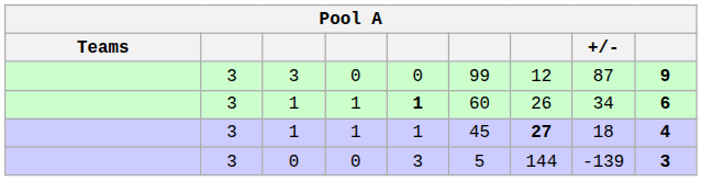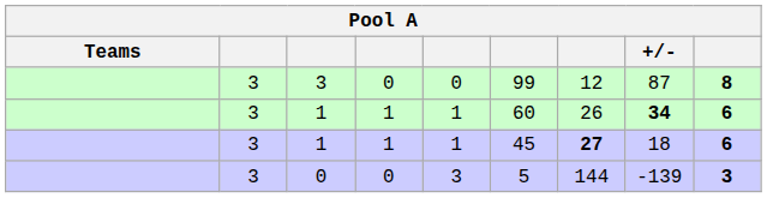 <table class="wikitable" style="text-align: center;">
 <tr>
 <th colspan=10>Pool A</th>
 </tr>
 <tr>
 <th width="140">Teams</th>
 <th width="40"></th>
 <th width="40"></th>
 <th width="40"></th>
 <th width="40"></th>
 <th width="40"></th>
 <th width="40"></th>
 <th width="40">+/-</th>
 <th width="40"></th>
 </tr>
 <tr bgcolor=ccffcc>
 <td align=left></td>
 <td>3</td>
 <td>3</td>
 <td>0</td>
 <td>0</td>
 <td>99</td>
 <td>12</td>
 <td>87</td>
-<td><strong>9</strong></td>
+<td><strong>8</strong></td>
 </tr>
 <tr bgcolor=ccffcc>
 <td align=left></td>
 <td>3</td>
 <td>1</td>
 <td>1</td>
-<td><strong>1</strong></td>
+<td>1</td>
 <td>60</td>
 <td>26</td>
-<td>34</td>
+<td><strong>34</strong></td>
 <td><strong>6</strong></td>
 </tr>
 <tr bgcolor=ccccff>
 <td align=left></td>
 <td>3</td>
 <td>1</td>
 <td>1</td>
 <td>1</td>
 <td>45</td>
 <td><strong>27</strong></td>
 <td>18</td>
-<td><strong>4</strong></td>
+<td><strong>6</strong></td>
 </tr>
 <tr bgcolor=ccccff>
 <td align=left></td>
 <td>3</td>
 <td>0</td>
 <td>0</td>
 <td>3</td>
 <td>5</td>
 <td>144</td>
 <td>-139</td>
 <td><strong>3</strong></td>
 </tr>
 </table>
